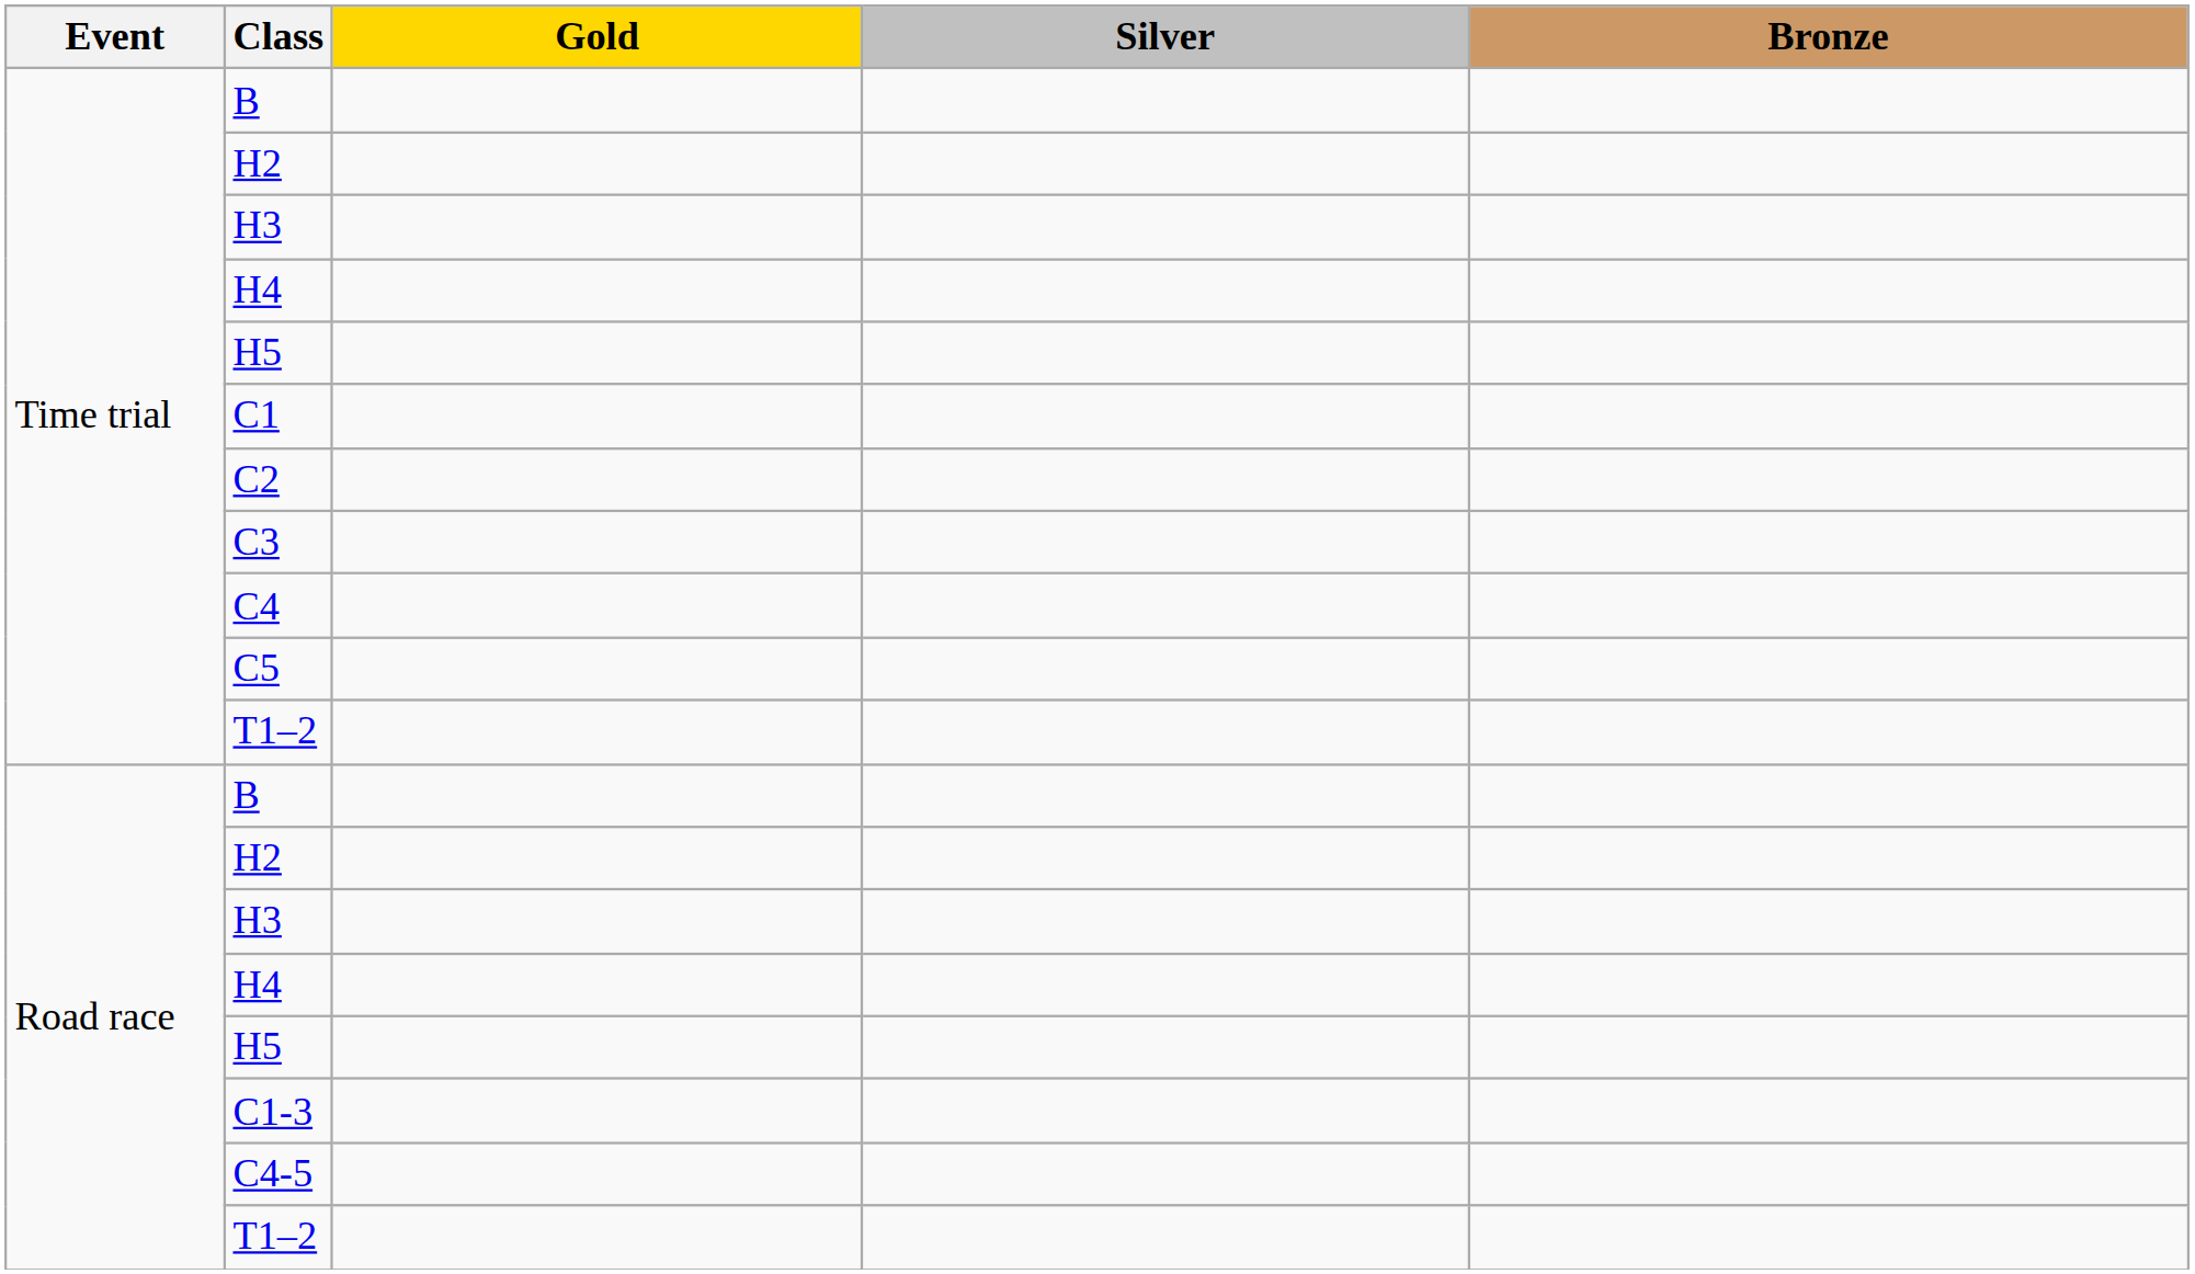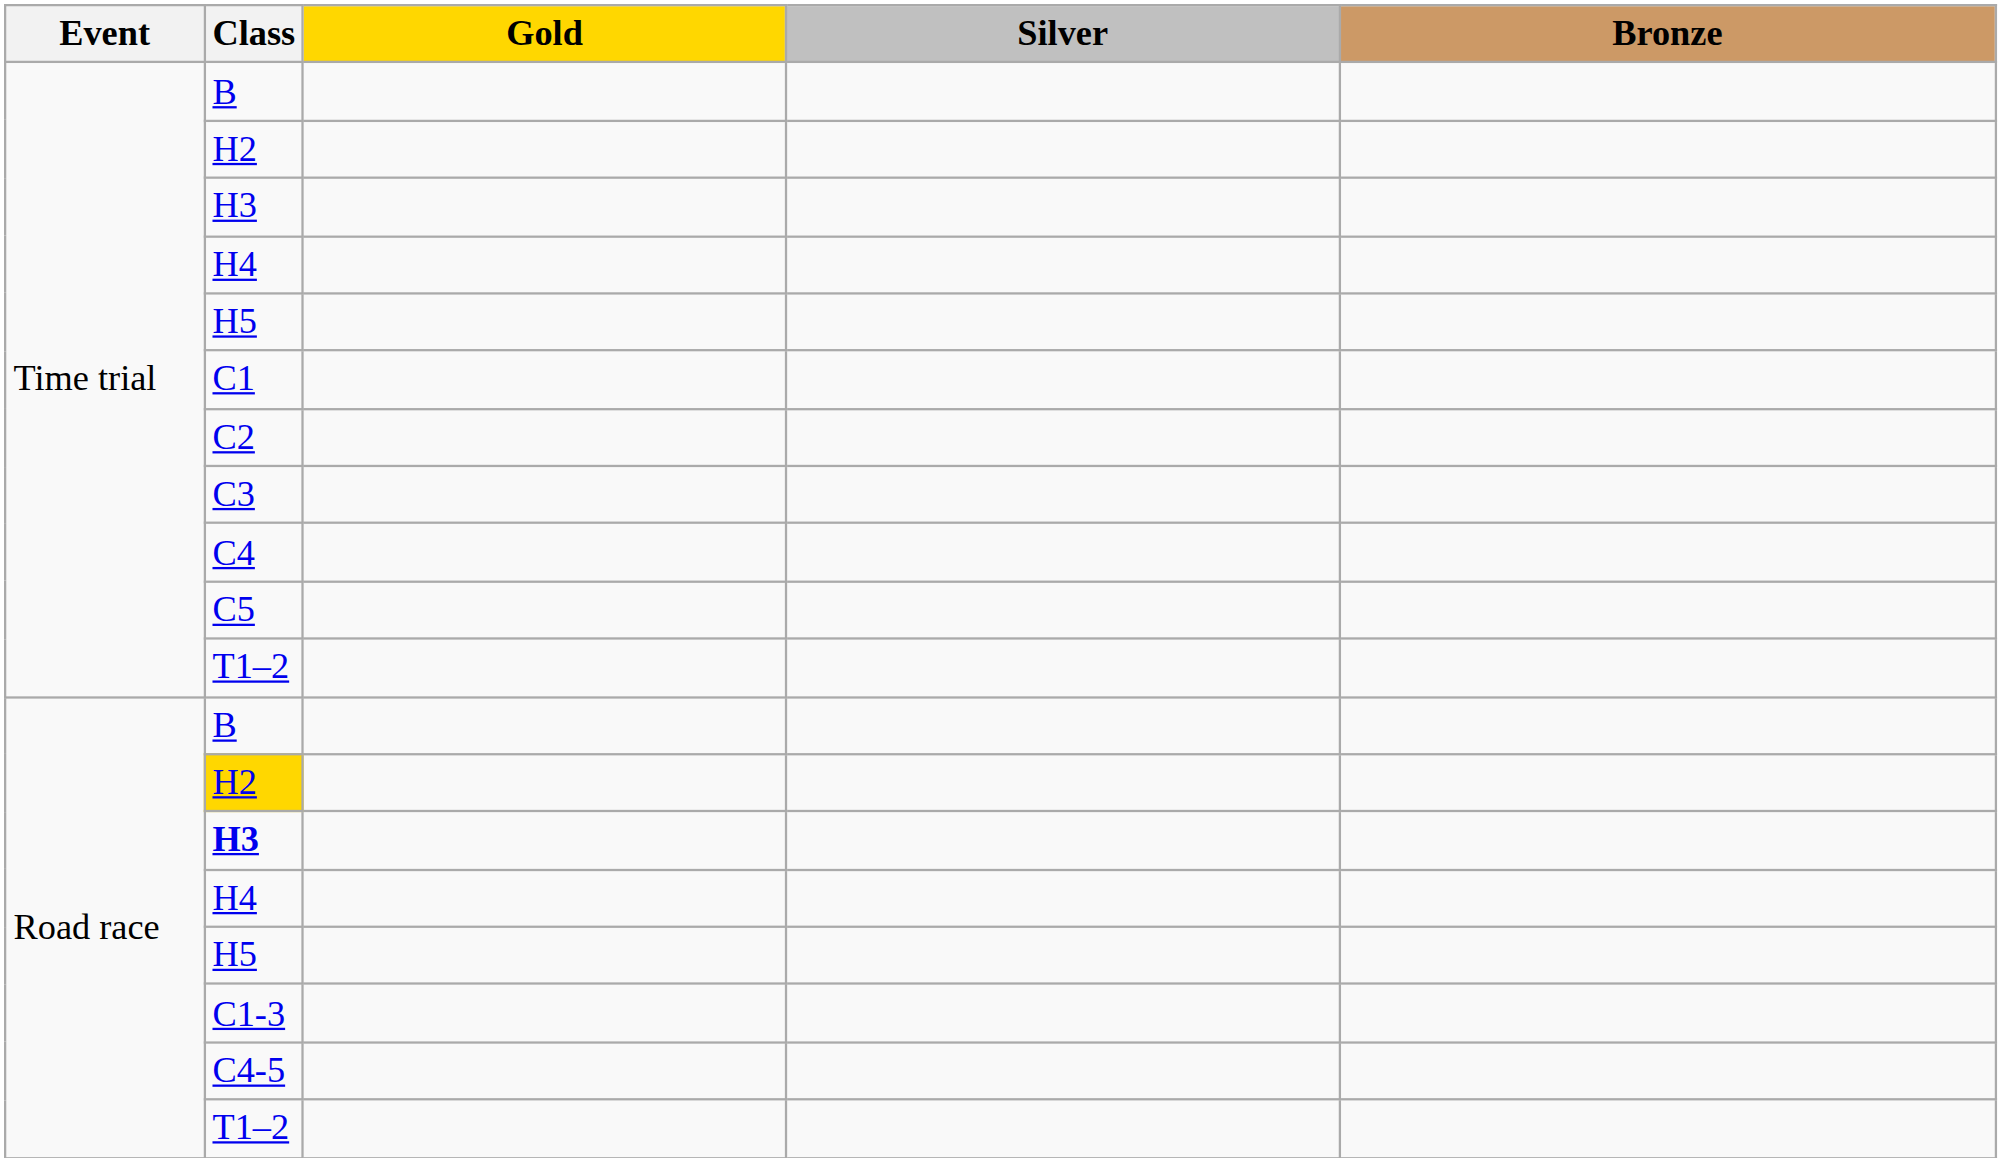 <table class=wikitable style="font-size:100%">
 <tr>
 <th rowspan="1" width="10%">Event</th>
 <th rowspan="1" width="5%">Class</th>
 <th rowspan="1" style="background:gold;">Gold</th>
 <th colspan="1" style="background:silver;">Silver</th>
 <th colspan="1" style="background:#CC9966;">Bronze</th>
 </tr>
 <tr>
 <td rowspan="11">Time trial<br></td>
 <td><a href='#'>B</a></td>
 <td></td>
 <td></td>
 <td></td>
 </tr>
 <tr>
 <td><a href='#'>H2</a></td>
 <td></td>
 <td></td>
 <td></td>
 </tr>
 <tr>
 <td><a href='#'>H3</a></td>
 <td></td>
 <td></td>
 <td></td>
 </tr>
 <tr>
 <td><a href='#'>H4</a></td>
 <td></td>
 <td></td>
 <td></td>
 </tr>
 <tr>
 <td><a href='#'>H5</a></td>
 <td></td>
 <td></td>
 <td></td>
 </tr>
 <tr>
 <td><a href='#'>C1</a></td>
 <td></td>
 <td></td>
 <td></td>
 </tr>
 <tr>
 <td><a href='#'>C2</a></td>
 <td></td>
 <td></td>
 <td></td>
 </tr>
 <tr>
 <td><a href='#'>C3</a></td>
 <td></td>
 <td></td>
 <td></td>
 </tr>
 <tr>
 <td><a href='#'>C4</a></td>
 <td></td>
 <td></td>
 <td></td>
 </tr>
 <tr>
 <td><a href='#'>C5</a></td>
 <td></td>
 <td></td>
 <td></td>
 </tr>
 <tr>
 <td><a href='#'>T1–2</a></td>
 <td></td>
 <td></td>
 <td></td>
 </tr>
 <tr>
 <td rowspan="8">Road race<br></td>
 <td><a href='#'>B</a></td>
 <td></td>
 <td></td>
 <td></td>
 </tr>
 <tr>
-<td><a href='#'>H2</a></td>
+<td style="background: gold;"><a href='#'>H2</a></td>
 <td></td>
 <td></td>
 <td></td>
 </tr>
 <tr>
-<td><a href='#'>H3</a></td>
+<td><strong><a href='#'>H3</a></strong></td>
 <td></td>
 <td></td>
 <td></td>
 </tr>
 <tr>
 <td><a href='#'>H4</a></td>
 <td></td>
 <td></td>
 <td></td>
 </tr>
 <tr>
 <td><a href='#'>H5</a></td>
 <td></td>
 <td></td>
 <td></td>
 </tr>
 <tr>
 <td><a href='#'>C1-3</a></td>
 <td></td>
 <td></td>
 <td></td>
 </tr>
 <tr>
 <td><a href='#'>C4-5</a></td>
 <td></td>
 <td></td>
 <td></td>
 </tr>
 <tr>
 <td><a href='#'>T1–2</a></td>
 <td></td>
 <td></td>
 <td></td>
 </tr>
 </table>
